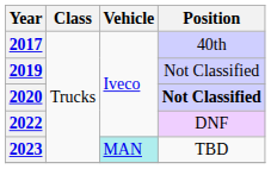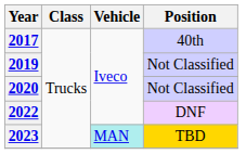 <table class="wikitable">
 <tr>
 <th>Year</th>
 <th>Class</th>
 <th>Vehicle</th>
 <th>Position</th>
 </tr>
 <tr>
 <th><a href='#'>2017</a></th>
 <td rowspan=5>Trucks</td>
 <td rowspan=4> <a href='#'>Iveco</a></td>
 <td align="center" style="background:#CFCFFF;">40th</td>
 </tr>
 <tr>
 <th><a href='#'>2019</a></th>
 <td align="center" style="background:#CFCFFF;">Not Classified</td>
 </tr>
 <tr>
 <th><a href='#'>2020</a></th>
-<td align="center" style="background:#CFCFFF;"><strong>Not Classified</strong></td>
+<td align="center" style="background:#CFCFFF;">Not Classified</td>
 </tr>
 <tr>
 <th><a href='#'>2022</a></th>
 <td align="center" style="background:#EFCFFF;">DNF</td>
 </tr>
 <tr>
 <th><a href='#'>2023</a></th>
 <td style="background: paleturquoise;"> <a href='#'>MAN</a></td>
-<td align="center">TBD</td>
+<td align="center" style="background: gold;">TBD</td>
 </tr>
 <tr>
 </tr>
 </table>
